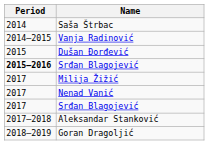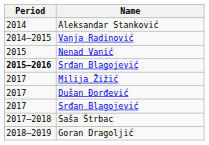 <table class="wikitable">
 <tr>
 <th width="75">Period</th>
 <th width="225">Name</th>
 </tr>
 <tr>
 <td>2014</td>
-<td> Saša Štrbac</td>
+<td> Aleksandar Stanković</td>
 </tr>
 <tr>
 <td>2014–2015</td>
 <td> <a href='#'>Vanja Radinović</a></td>
 </tr>
 <tr>
 <td>2015</td>
-<td> <a href='#'>Dušan Đorđević</a></td>
+<td> <a href='#'>Nenad Vanić</a></td>
 </tr>
 <tr>
 <td><strong>2015–2016</strong></td>
 <td> <a href='#'>Srđan Blagojević</a></td>
 </tr>
 <tr>
 <td>2017</td>
 <td> <a href='#'>Milija Žižić</a></td>
 </tr>
 <tr>
 <td>2017</td>
-<td> <a href='#'>Nenad Vanić</a></td>
+<td> <a href='#'>Dušan Đorđević</a></td>
 </tr>
 <tr>
 <td>2017</td>
 <td> <a href='#'>Srđan Blagojević</a></td>
 </tr>
 <tr>
 <td>2017–2018</td>
-<td> Aleksandar Stanković</td>
+<td> Saša Štrbac</td>
 </tr>
 <tr>
 <td>2018–2019</td>
 <td> Goran Dragoljić</td>
 </tr>
 </table>
